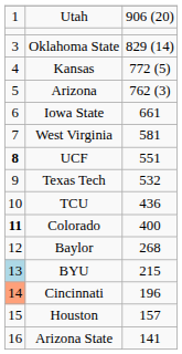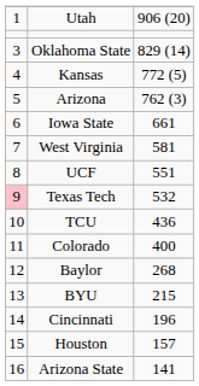 <table class="wikitable" style="display: inline-table;">
 <tr align="center">
 </tr>
 <tr align="center">
 <td>1</td>
 <td>Utah</td>
 <td>906 (20)</td>
 </tr>
 <tr align="center">
 <td style=><strong> </strong></td>
 <td style=><strong></strong></td>
 <td style=><strong></strong></td>
 </tr>
 <tr align="center">
 <td>3</td>
 <td>Oklahoma State</td>
 <td>829 (14)</td>
 </tr>
 <tr align="center">
 <td>4</td>
 <td>Kansas</td>
 <td>772 (5)</td>
 </tr>
 <tr align="center">
 <td>5</td>
 <td>Arizona</td>
 <td>762 (3)</td>
 </tr>
 <tr align="center">
 <td>6</td>
 <td>Iowa State</td>
 <td>661</td>
 </tr>
 <tr align="center">
 <td>7</td>
 <td>West Virginia</td>
 <td>581</td>
 </tr>
 <tr align="center">
-<td><strong>8</strong></td>
+<td>8</td>
 <td>UCF</td>
 <td>551</td>
 </tr>
 <tr align="center">
-<td>9</td>
+<td style="background: pink;">9</td>
 <td>Texas Tech</td>
 <td>532</td>
 </tr>
 <tr align="center">
 <td>10</td>
 <td>TCU</td>
 <td>436</td>
 </tr>
 <tr align="center">
-<td><strong>11</strong></td>
+<td>11</td>
 <td>Colorado</td>
 <td>400</td>
 </tr>
 <tr align="center">
 <td>12</td>
 <td>Baylor</td>
 <td>268</td>
 </tr>
 <tr align="center">
-<td style="background: lightblue;">13</td>
+<td>13</td>
 <td>BYU</td>
 <td>215</td>
 </tr>
 <tr align="center">
-<td style="background: lightsalmon;">14</td>
+<td>14</td>
 <td>Cincinnati</td>
 <td>196</td>
 </tr>
 <tr align="center">
 <td>15</td>
 <td>Houston</td>
 <td>157</td>
 </tr>
 <tr align="center">
 <td>16</td>
 <td>Arizona State</td>
 <td>141</td>
 </tr>
 </table>
